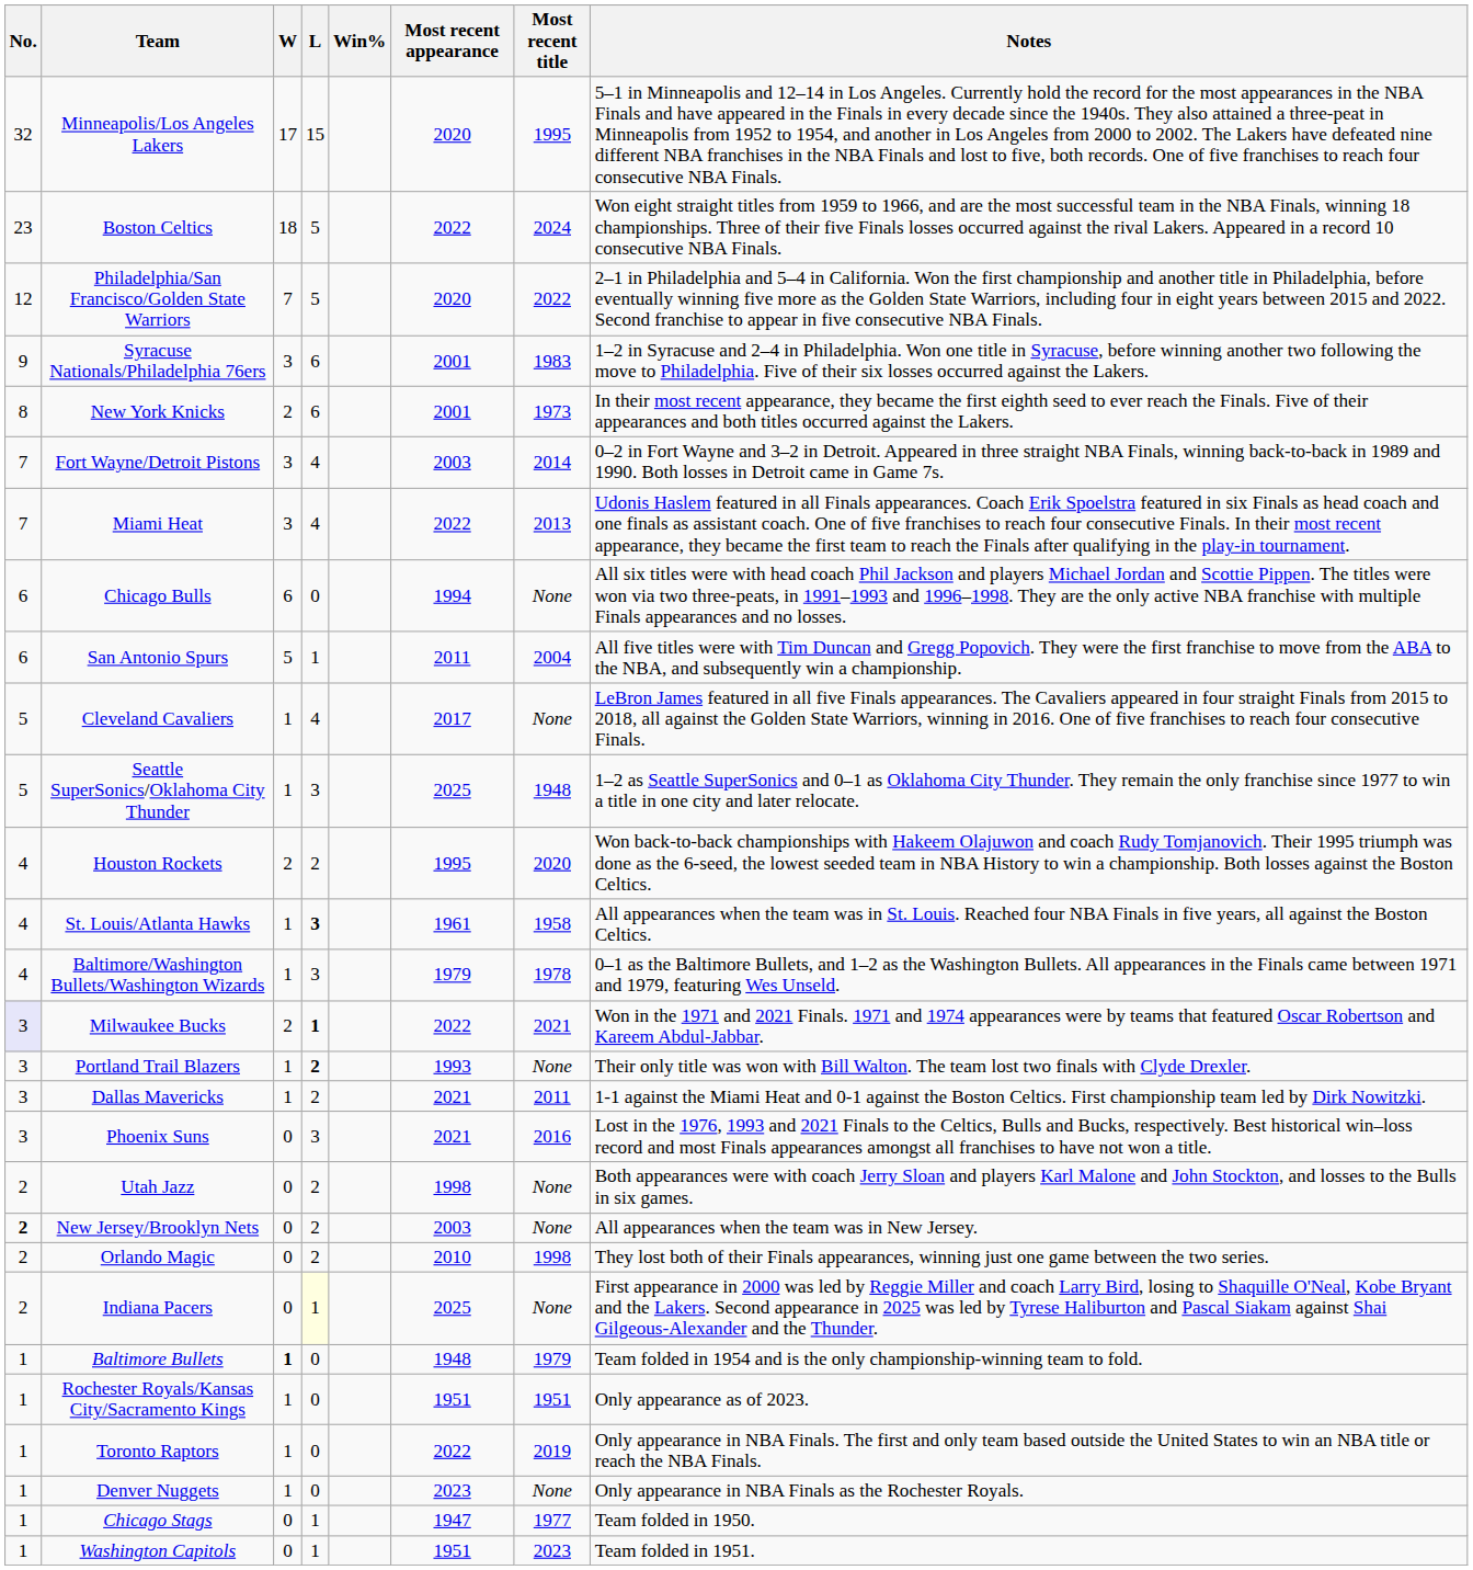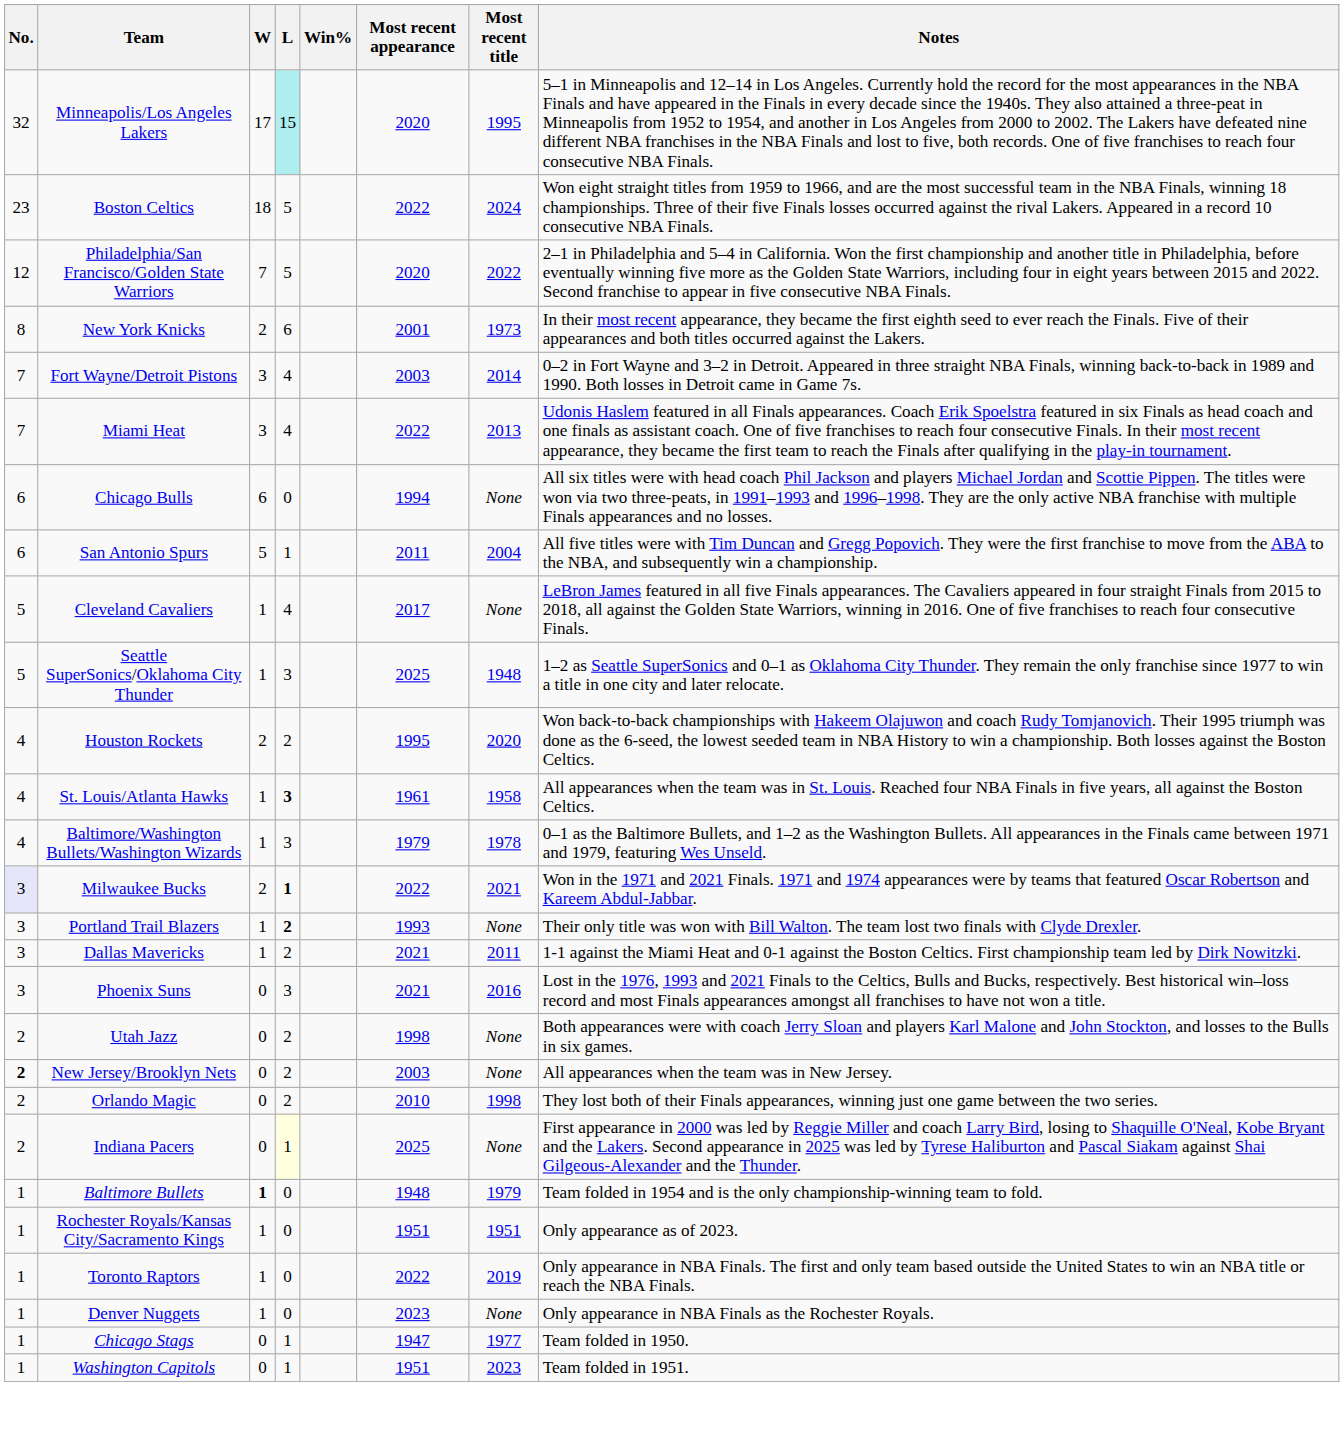 <table class="wikitable sortable" style="text-align:center;">
 <tr>
 <th>No.</th>
 <th>Team</th>
 <th>W</th>
 <th>L</th>
 <th>Win%</th>
 <th>Most recent appearance</th>
 <th>Most recent title</th>
 <th>Notes</th>
 </tr>
 <tr>
 <td style="text-align:center;">32</td>
 <td><a href='#'>Minneapolis/Los Angeles Lakers</a></td>
 <td>17</td>
-<td>15</td>
+<td style="background: paleturquoise;">15</td>
 <td></td>
 <td><a href='#'>2020</a></td>
 <td><a href='#'>1995</a></td>
 <td align="left">5–1 in Minneapolis and 12–14 in Los Angeles. Currently hold the record for the most appearances in the NBA Finals and have appeared in the Finals in every decade since the 1940s. They also attained a three-peat in Minneapolis from 1952 to 1954, and another in Los Angeles from 2000 to 2002. The Lakers have defeated nine different NBA franchises in the NBA Finals and lost to five, both records. One of five franchises to reach four consecutive NBA Finals.</td>
 </tr>
 <tr>
 <td style="text-align:center;">23</td>
 <td><a href='#'>Boston Celtics</a></td>
 <td>18</td>
 <td>5</td>
 <td></td>
 <td><a href='#'>2022</a></td>
 <td><a href='#'>2024</a></td>
 <td align="left">Won eight straight titles from 1959 to 1966, and are the most successful team in the NBA Finals, winning 18 championships. Three of their five Finals losses occurred against the rival Lakers. Appeared in a record 10 consecutive NBA Finals.</td>
 </tr>
 <tr>
 <td style="text-align:center;">12</td>
 <td><a href='#'>Philadelphia/San Francisco/Golden State Warriors</a></td>
 <td>7</td>
 <td>5</td>
 <td></td>
 <td><a href='#'>2020</a></td>
 <td><a href='#'>2022</a></td>
 <td align="left">2–1 in Philadelphia and 5–4 in California. Won the first championship and another title in Philadelphia, before eventually winning five more as the Golden State Warriors, including four in eight years between 2015 and 2022. Second franchise to appear in five consecutive NBA Finals.</td>
-</tr>
-<tr>
-<td style="text-align:center;">9</td>
-<td><a href='#'>Syracuse Nationals/Philadelphia 76ers</a></td>
-<td>3</td>
-<td>6</td>
-<td></td>
-<td><a href='#'>2001</a></td>
-<td><a href='#'>1983</a></td>
-<td align="left">1–2 in Syracuse and 2–4 in Philadelphia. Won one title in <a href='#'>Syracuse</a>, before winning another two following the move to <a href='#'>Philadelphia</a>. Five of their six losses occurred against the Lakers.</td>
 </tr>
 <tr>
 <td style="text-align:center;">8</td>
 <td><a href='#'>New York Knicks</a></td>
 <td>2</td>
 <td>6</td>
 <td></td>
 <td><a href='#'>2001</a></td>
 <td><a href='#'>1973</a></td>
 <td align="left">In their <a href='#'>most recent</a> appearance, they became the first eighth seed to ever reach the Finals. Five of their appearances and both titles occurred against the Lakers.</td>
 </tr>
 <tr>
 <td style="text-align:center;">7</td>
 <td><a href='#'>Fort Wayne/Detroit Pistons</a></td>
 <td>3</td>
 <td>4</td>
 <td></td>
 <td><a href='#'>2003</a></td>
 <td><a href='#'>2014</a></td>
 <td align="left">0–2 in Fort Wayne and 3–2 in Detroit. Appeared in three straight NBA Finals, winning back-to-back in 1989 and 1990. Both losses in Detroit came in Game 7s.</td>
 </tr>
 <tr>
 <td style="text-align:center;">7</td>
 <td><a href='#'>Miami Heat</a></td>
 <td>3</td>
 <td>4</td>
 <td></td>
 <td><a href='#'>2022</a></td>
 <td><a href='#'>2013</a></td>
 <td align="left"><a href='#'>Udonis Haslem</a> featured in all Finals appearances. Coach <a href='#'>Erik Spoelstra</a> featured in six Finals as head coach and one finals as assistant coach. One of five franchises to reach four consecutive Finals. In their <a href='#'>most recent</a> appearance, they became the first team to reach the Finals after qualifying in the <a href='#'>play-in tournament</a>.</td>
 </tr>
 <tr>
 <td style="text-align:center;">6</td>
 <td><a href='#'>Chicago Bulls</a></td>
 <td>6</td>
 <td>0</td>
 <td></td>
 <td><a href='#'>1994</a></td>
 <td><em>None</em></td>
 <td align="left">All six titles were with head coach <a href='#'>Phil Jackson</a> and players <a href='#'>Michael Jordan</a> and <a href='#'>Scottie Pippen</a>. The titles were won via two three-peats, in <a href='#'>1991</a>–<a href='#'>1993</a> and <a href='#'>1996</a>–<a href='#'>1998</a>. They are the only active NBA franchise with multiple Finals appearances and no losses.</td>
 </tr>
 <tr>
 <td style="text-align:center;">6</td>
 <td><a href='#'>San Antonio Spurs</a></td>
 <td>5</td>
 <td>1</td>
 <td></td>
 <td><a href='#'>2011</a></td>
 <td><a href='#'>2004</a></td>
 <td align="left">All five titles were with <a href='#'>Tim Duncan</a> and <a href='#'>Gregg Popovich</a>. They were the first franchise to move from the <a href='#'>ABA</a> to the NBA, and subsequently win a championship.</td>
 </tr>
 <tr>
 <td style="text-align:center;">5</td>
 <td><a href='#'>Cleveland Cavaliers</a></td>
 <td>1</td>
 <td>4</td>
 <td></td>
 <td><a href='#'>2017</a></td>
 <td><em>None</em></td>
 <td align="left"><a href='#'>LeBron James</a> featured in all five Finals appearances. The Cavaliers appeared in four straight Finals from 2015 to 2018, all against the Golden State Warriors, winning in 2016. One of five franchises to reach four consecutive Finals.</td>
 </tr>
 <tr>
 <td style="text-align:center;">5</td>
 <td><a href='#'>Seattle SuperSonics</a>/<a href='#'>Oklahoma City Thunder</a></td>
 <td>1</td>
 <td>3</td>
 <td></td>
 <td><a href='#'>2025</a></td>
 <td><a href='#'>1948</a></td>
 <td align="left">1–2 as <a href='#'>Seattle SuperSonics</a> and 0–1 as <a href='#'>Oklahoma City Thunder</a>. They remain the only franchise since 1977 to win a title in one city and later relocate.</td>
 </tr>
 <tr>
 <td style="text-align:center;">4</td>
 <td><a href='#'>Houston Rockets</a></td>
 <td>2</td>
 <td>2</td>
 <td></td>
 <td><a href='#'>1995</a></td>
 <td><a href='#'>2020</a></td>
 <td align="left">Won back-to-back championships with <a href='#'>Hakeem Olajuwon</a> and coach <a href='#'>Rudy Tomjanovich</a>. Their 1995 triumph was done as the 6-seed, the lowest seeded team in NBA History to win a championship. Both losses against the Boston Celtics.</td>
 </tr>
 <tr>
 <td style="text-align:center;">4</td>
 <td><a href='#'>St. Louis/Atlanta Hawks</a></td>
 <td>1</td>
 <td><strong>3</strong></td>
 <td></td>
 <td><a href='#'>1961</a></td>
 <td><a href='#'>1958</a></td>
 <td align="left">All appearances when the team was in <a href='#'>St. Louis</a>. Reached four NBA Finals in five years, all against the Boston Celtics.</td>
 </tr>
 <tr>
 <td style="text-align:center;">4</td>
 <td><a href='#'>Baltimore/Washington Bullets/Washington Wizards</a></td>
 <td>1</td>
 <td>3</td>
 <td></td>
 <td><a href='#'>1979</a></td>
 <td><a href='#'>1978</a></td>
 <td align="left">0–1 as the Baltimore Bullets, and 1–2 as the Washington Bullets. All appearances in the Finals came between 1971 and 1979, featuring <a href='#'>Wes Unseld</a>.</td>
 </tr>
 <tr>
 <td style="background: lavender; text-align:center;">3</td>
 <td><a href='#'>Milwaukee Bucks</a></td>
 <td>2</td>
 <td><strong>1</strong></td>
 <td></td>
 <td><a href='#'>2022</a></td>
 <td><a href='#'>2021</a></td>
 <td align="left">Won in the <a href='#'>1971</a> and <a href='#'>2021</a> Finals. <a href='#'>1971</a> and <a href='#'>1974</a> appearances were by teams that featured <a href='#'>Oscar Robertson</a> and <a href='#'>Kareem Abdul-Jabbar</a>.</td>
 </tr>
 <tr>
 <td style="text-align:center;">3</td>
 <td><a href='#'>Portland Trail Blazers</a></td>
 <td>1</td>
 <td><strong>2</strong></td>
 <td></td>
 <td><a href='#'>1993</a></td>
 <td><em>None</em></td>
 <td align="left">Their only title was won with <a href='#'>Bill Walton</a>. The team lost two finals with <a href='#'>Clyde Drexler</a>.</td>
 </tr>
 <tr>
 <td style="text-align:center;">3</td>
 <td><a href='#'>Dallas Mavericks</a></td>
 <td>1</td>
 <td>2</td>
 <td></td>
 <td><a href='#'>2021</a></td>
 <td><a href='#'>2011</a></td>
 <td align="left">1-1 against the Miami Heat and 0-1 against the Boston Celtics. First championship team led by <a href='#'>Dirk Nowitzki</a>.</td>
 </tr>
 <tr>
 <td style="text-align:center;">3</td>
 <td><a href='#'>Phoenix Suns</a></td>
 <td>0</td>
 <td>3</td>
 <td></td>
 <td><a href='#'>2021</a></td>
 <td><a href='#'>2016</a></td>
 <td align="left">Lost in the <a href='#'>1976</a>, <a href='#'>1993</a> and <a href='#'>2021</a> Finals to the Celtics, Bulls and Bucks, respectively. Best historical win–loss record and most Finals appearances amongst all franchises to have not won a title.</td>
 </tr>
 <tr>
 <td style="text-align:center;">2</td>
 <td><a href='#'>Utah Jazz</a></td>
 <td>0</td>
 <td>2</td>
 <td></td>
 <td><a href='#'>1998</a></td>
 <td><em>None</em></td>
 <td align="left">Both appearances were with coach <a href='#'>Jerry Sloan</a> and players <a href='#'>Karl Malone</a> and <a href='#'>John Stockton</a>, and losses to the Bulls in six games.</td>
 </tr>
 <tr>
 <td style="text-align:center;"><strong>2</strong></td>
 <td><a href='#'>New Jersey/Brooklyn Nets</a></td>
 <td>0</td>
 <td>2</td>
 <td></td>
 <td><a href='#'>2003</a></td>
 <td><em>None</em></td>
 <td align="left">All appearances when the team was in New Jersey.</td>
 </tr>
 <tr>
 <td style="text-align:center;">2</td>
 <td><a href='#'>Orlando Magic</a></td>
 <td>0</td>
 <td>2</td>
 <td></td>
 <td><a href='#'>2010</a></td>
 <td><a href='#'>1998</a></td>
 <td align="left">They lost both of their Finals appearances, winning just one game between the two series.</td>
 </tr>
 <tr>
 <td style="text-align:center;">2</td>
 <td><a href='#'>Indiana Pacers</a></td>
 <td>0</td>
 <td style="background: lightyellow;">1</td>
 <td></td>
 <td><a href='#'>2025</a></td>
 <td><em>None</em></td>
 <td align="left">First appearance in <a href='#'>2000</a> was led by <a href='#'>Reggie Miller</a> and coach <a href='#'>Larry Bird</a>, losing to <a href='#'>Shaquille O'Neal</a>, <a href='#'>Kobe Bryant</a> and the <a href='#'>Lakers</a>. Second appearance in <a href='#'>2025</a> was led by <a href='#'>Tyrese Haliburton</a> and <a href='#'>Pascal Siakam</a> against <a href='#'>Shai Gilgeous-Alexander</a> and the <a href='#'>Thunder</a>.</td>
 </tr>
 <tr>
 <td style="text-align:center;">1</td>
 <td><em><a href='#'>Baltimore Bullets</a></em></td>
 <td><strong>1</strong></td>
 <td>0</td>
 <td></td>
 <td><a href='#'>1948</a></td>
 <td><a href='#'>1979</a></td>
 <td align="left">Team folded in 1954 and is the only championship-winning team to fold.</td>
 </tr>
 <tr>
 <td style="text-align:center;">1</td>
 <td><a href='#'>Rochester Royals/Kansas City/Sacramento Kings</a></td>
 <td>1</td>
 <td>0</td>
 <td></td>
 <td><a href='#'>1951</a></td>
 <td><a href='#'>1951</a></td>
 <td align="left">Only appearance as of 2023.</td>
 </tr>
 <tr>
 <td style="text-align:center;">1</td>
 <td><a href='#'>Toronto Raptors</a></td>
 <td>1</td>
 <td>0</td>
 <td></td>
 <td><a href='#'>2022</a></td>
 <td><a href='#'>2019</a></td>
 <td align="left">Only appearance in NBA Finals. The first and only team based outside the United States to win an NBA title or reach the NBA Finals.</td>
 </tr>
 <tr>
 <td style="text-align:center;">1</td>
 <td><a href='#'>Denver Nuggets</a></td>
 <td>1</td>
 <td>0</td>
 <td></td>
 <td><a href='#'>2023</a></td>
 <td><em>None</em></td>
 <td align="left">Only appearance in NBA Finals as the Rochester Royals.</td>
 </tr>
 <tr>
 <td style="text-align:center;">1</td>
 <td><em><a href='#'>Chicago Stags</a></em></td>
 <td>0</td>
 <td>1</td>
 <td></td>
 <td><a href='#'>1947</a></td>
 <td><a href='#'>1977</a></td>
 <td align="left">Team folded in 1950.</td>
 </tr>
 <tr>
 <td style="text-align:center;">1</td>
 <td><em><a href='#'>Washington Capitols</a></em></td>
 <td>0</td>
 <td>1</td>
 <td></td>
 <td><a href='#'>1951</a></td>
 <td><a href='#'>2023</a></td>
 <td align="left">Team folded in 1951.</td>
 </tr>
 </table>
